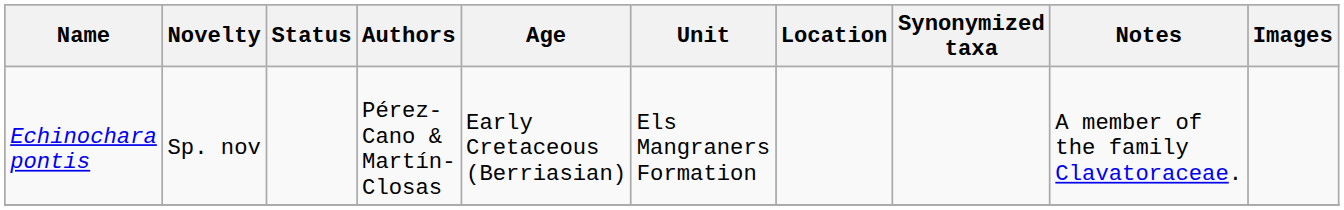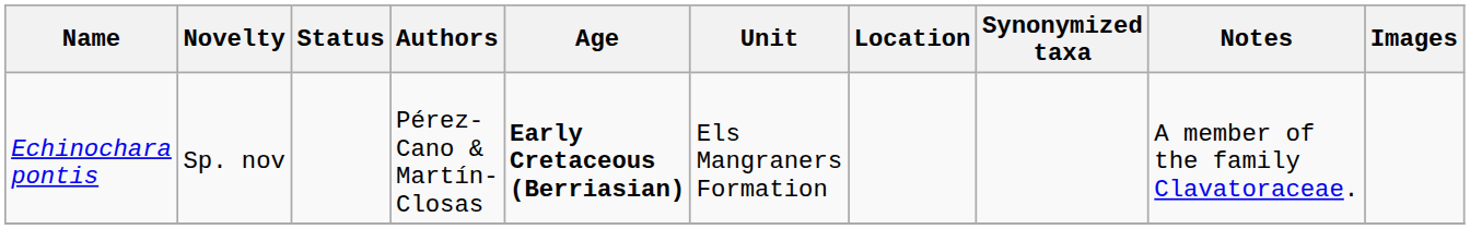 <table class="wikitable sortable" align="center" width="75%">
 <tr>
 <th>Name</th>
 <th>Novelty</th>
 <th>Status</th>
 <th>Authors</th>
 <th>Age</th>
 <th>Unit</th>
 <th>Location</th>
 <th>Synonymized taxa</th>
 <th>Notes</th>
 <th>Images</th>
 </tr>
 <tr>
 <td><br><em><a href='#'>Echinochara pontis</a></em></td>
 <td><br>Sp. nov</td>
 <td></td>
 <td><br>Pérez-Cano & Martín-Closas</td>
-<td><br>Early Cretaceous (Berriasian)</td>
+<td><strong><br>Early Cretaceous (Berriasian)</strong></td>
 <td><br>Els Mangraners Formation</td>
 <td><br></td>
 <td></td>
 <td><br>A member of the family <a href='#'>Clavatoraceae</a>.</td>
 <td></td>
 </tr>
 <tr>
 </tr>
 </table>
